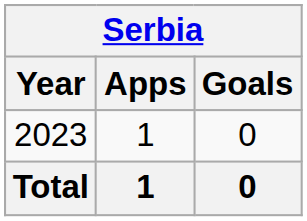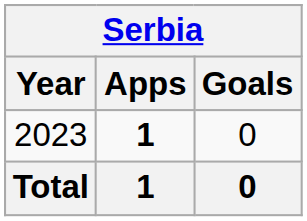 <table class="wikitable" style="text-align:center">
 <tr>
 <th colspan=3><a href='#'>Serbia</a></th>
 </tr>
 <tr>
 <th>Year</th>
 <th>Apps</th>
 <th>Goals</th>
 </tr>
 <tr>
 <td>2023</td>
-<td>1</td>
+<td><strong>1</strong></td>
 <td>0</td>
 </tr>
 <tr>
 <th>Total</th>
 <th>1</th>
 <th>0</th>
 </tr>
 </table>
